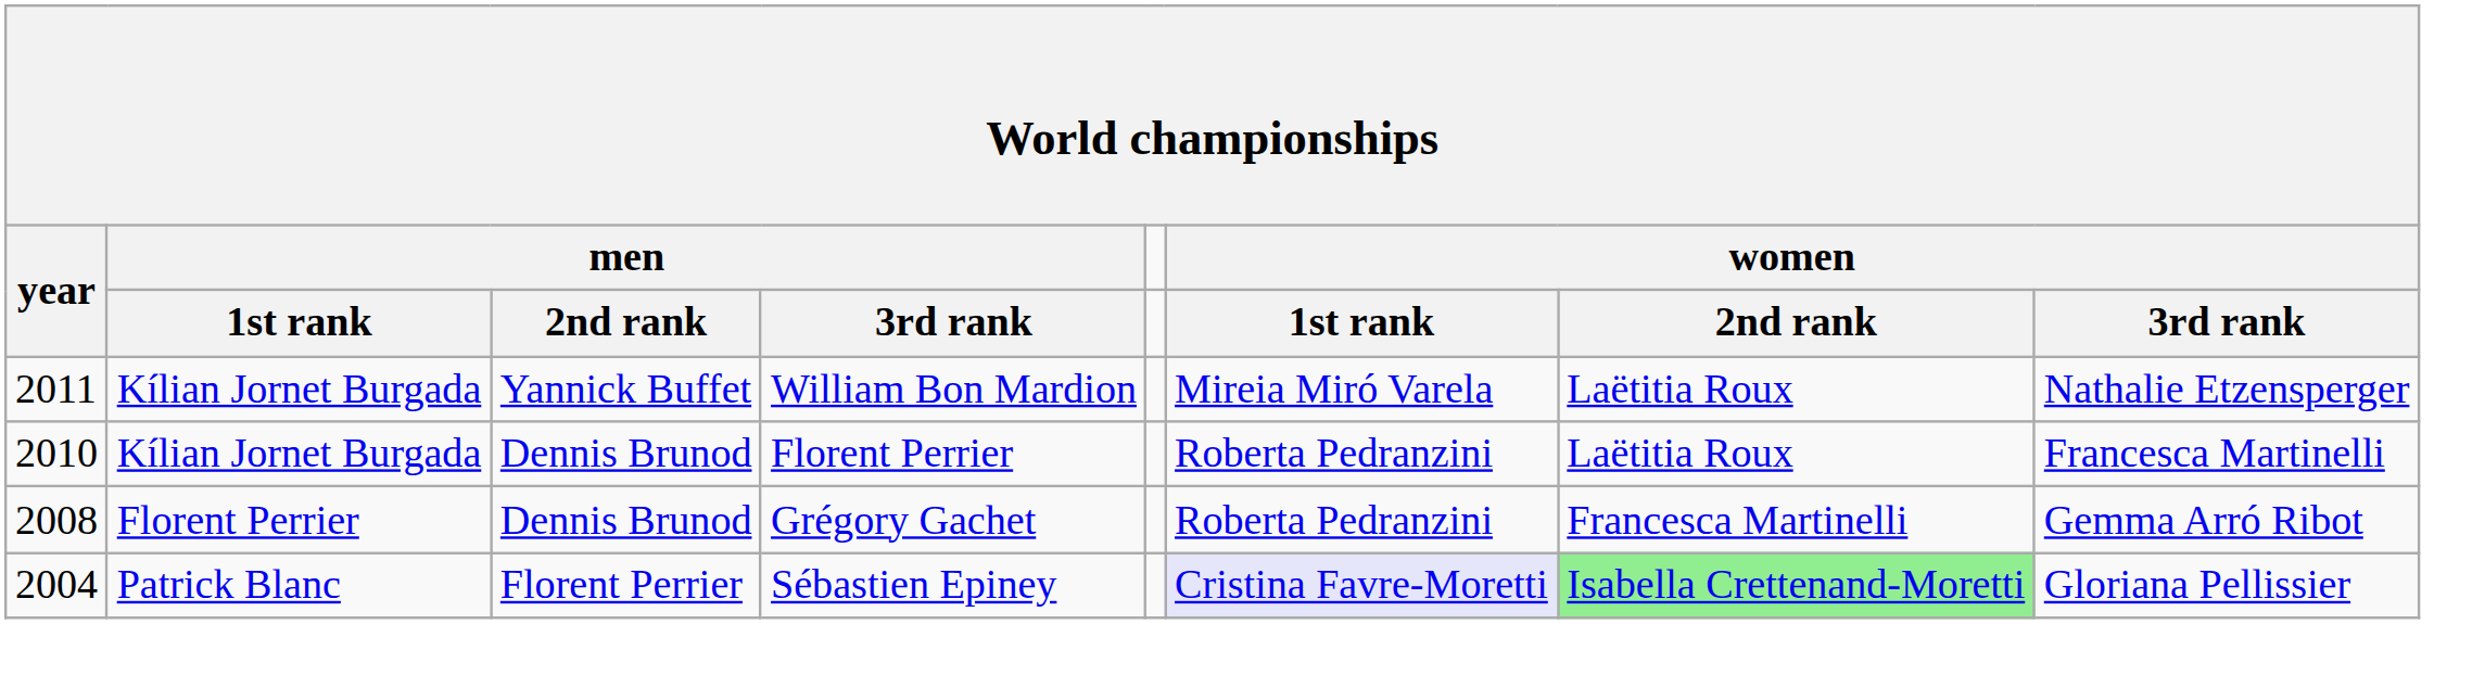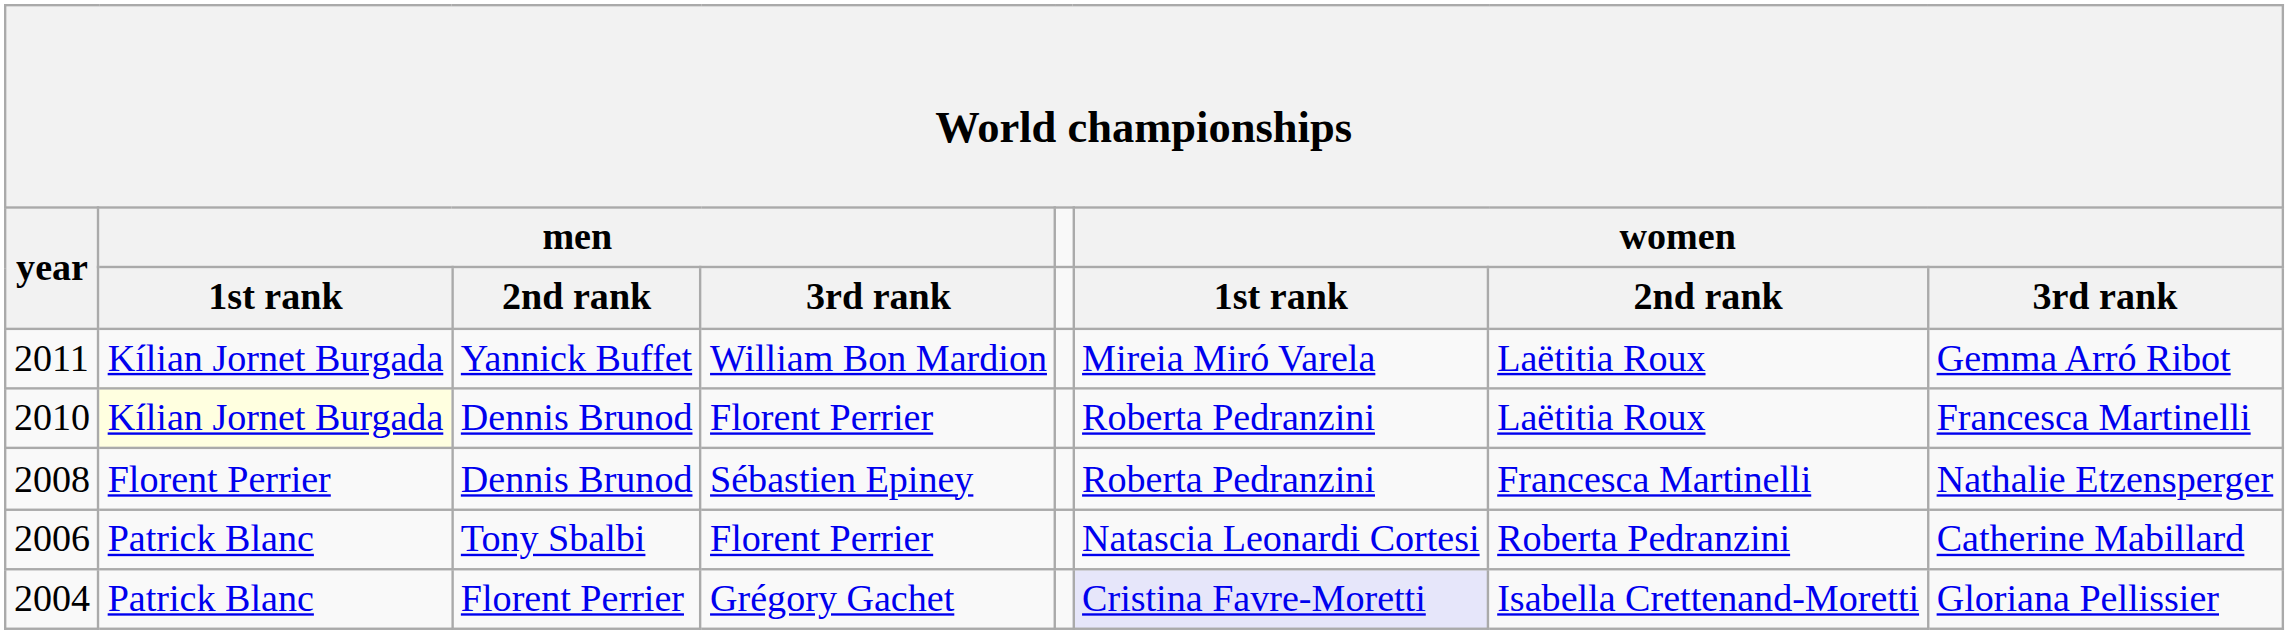 <table class="wikitable">
 <tr>
 <th colspan="8" align="left"><br><h3>World championships</h3></th>
 </tr>
 <tr>
 <th rowspan="2">year</th>
 <th colspan="3">men</th>
 <td></td>
 <th colspan="3">women</th>
 </tr>
 <tr>
 <th>1st rank</th>
 <th>2nd rank</th>
 <th>3rd rank</th>
 <td></td>
 <th>1st rank</th>
 <th>2nd rank</th>
 <th>3rd rank</th>
 </tr>
 <tr>
 <td>2011</td>
 <td> <a href='#'>Kílian Jornet Burgada</a></td>
 <td> <a href='#'>Yannick Buffet</a></td>
 <td> <a href='#'>William Bon Mardion</a></td>
 <td></td>
 <td> <a href='#'>Mireia Miró Varela</a></td>
 <td> <a href='#'>Laëtitia Roux</a></td>
-<td> <a href='#'>Nathalie Etzensperger</a></td>
+<td> <a href='#'>Gemma Arró Ribot</a></td>
 </tr>
 <tr>
 <td>2010</td>
-<td> <a href='#'>Kílian Jornet Burgada</a></td>
+<td style="background: lightyellow;"> <a href='#'>Kílian Jornet Burgada</a></td>
 <td> <a href='#'>Dennis Brunod</a></td>
 <td> <a href='#'>Florent Perrier</a></td>
 <td></td>
 <td> <a href='#'>Roberta Pedranzini</a></td>
 <td> <a href='#'>Laëtitia Roux</a></td>
 <td> <a href='#'>Francesca Martinelli</a></td>
 </tr>
 <tr>
 <td>2008</td>
 <td> <a href='#'>Florent Perrier</a></td>
 <td> <a href='#'>Dennis Brunod</a></td>
-<td> <a href='#'>Grégory Gachet</a></td>
+<td> <a href='#'>Sébastien Epiney</a></td>
 <td></td>
 <td> <a href='#'>Roberta Pedranzini</a></td>
 <td> <a href='#'>Francesca Martinelli</a></td>
-<td> <a href='#'>Gemma Arró Ribot</a></td>
+<td> <a href='#'>Nathalie Etzensperger</a></td>
+</tr>
+<tr>
+<td>2006</td>
+<td> <a href='#'>Patrick Blanc</a></td>
+<td> <a href='#'>Tony Sbalbi</a></td>
+<td> <a href='#'>Florent Perrier</a></td>
+<td></td>
+<td> <a href='#'>Natascia Leonardi Cortesi</a></td>
+<td> <a href='#'>Roberta Pedranzini</a></td>
+<td> <a href='#'>Catherine Mabillard</a></td>
 </tr>
 <tr>
 <td>2004</td>
 <td> <a href='#'>Patrick Blanc</a></td>
 <td> <a href='#'>Florent Perrier</a></td>
-<td> <a href='#'>Sébastien Epiney</a></td>
+<td> <a href='#'>Grégory Gachet</a></td>
 <td></td>
 <td style="background: lavender;"> <a href='#'>Cristina Favre-Moretti</a></td>
-<td style="background: lightgreen;"> <a href='#'>Isabella Crettenand-Moretti</a></td>
+<td> <a href='#'>Isabella Crettenand-Moretti</a></td>
 <td> <a href='#'>Gloriana Pellissier</a></td>
 </tr>
 </table>
